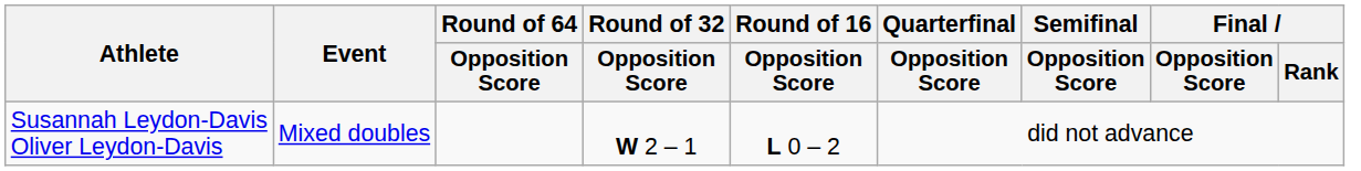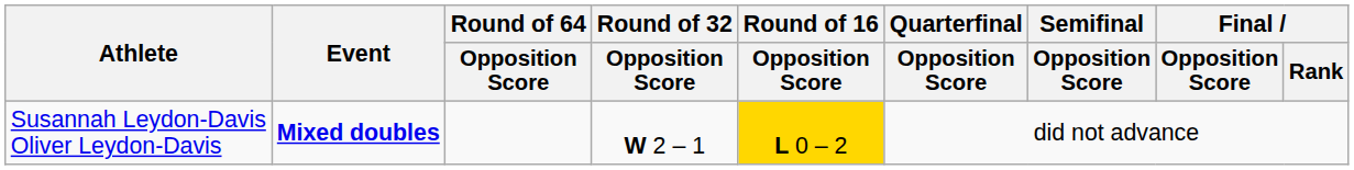 <table class=wikitable style="font-size:90%;text-align:center;">
 <tr>
 <th rowspan=2>Athlete</th>
 <th rowspan=2>Event</th>
 <th>Round of 64</th>
 <th>Round of 32</th>
 <th>Round of 16</th>
 <th>Quarterfinal</th>
 <th>Semifinal</th>
 <th colspan=2>Final / </th>
 </tr>
 <tr style="font-size:95%">
 <th>Opposition<br>Score</th>
 <th>Opposition<br>Score</th>
 <th>Opposition<br>Score</th>
 <th>Opposition<br>Score</th>
 <th>Opposition<br>Score</th>
 <th>Opposition<br>Score</th>
 <th>Rank</th>
 </tr>
 <tr>
 <td style="text-align:left;"><a href='#'>Susannah Leydon-Davis</a><br><a href='#'>Oliver Leydon-Davis</a></td>
-<td style="text-align:left;"><a href='#'>Mixed doubles</a></td>
+<td style="text-align:left;"><strong><a href='#'>Mixed doubles</a></strong></td>
 <td></td>
 <td><br><strong>W</strong> 2 – 1</td>
-<td><br><strong>L</strong> 0 – 2</td>
+<td style="background: gold;"><br><strong>L</strong> 0 – 2</td>
 <td colspan=4>did not advance</td>
 </tr>
 </table>
